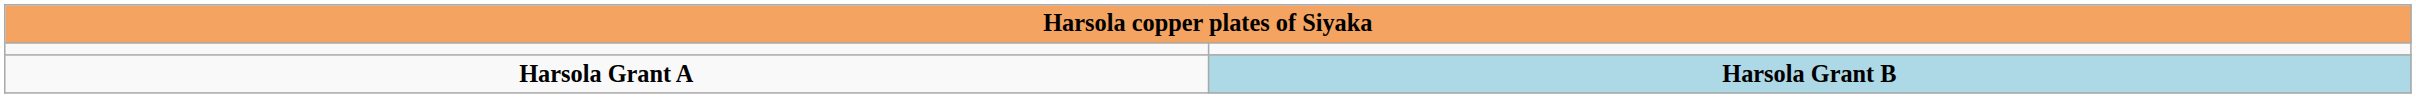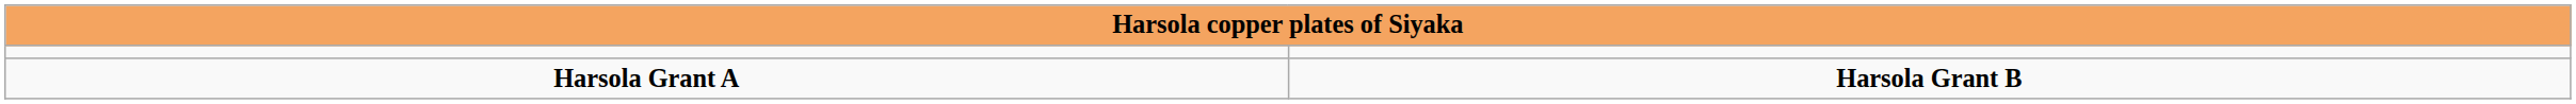 <table class="wikitable" style="font-size: 100%; width: 100%;" align="center" cellpadding="3">
 <tr>
 <td colspan="2" align="center" style="background:#F4A460; font-size: 100%;"><strong>Harsola copper plates of Siyaka</strong></td>
 </tr>
 <tr>
 <td align="center"></td>
 <td align="center"></td>
 </tr>
 <tr>
 <td align="center"><strong>Harsola Grant A</strong></td>
-<td align="center" style="background: lightblue;"><strong>Harsola Grant B</strong></td>
+<td align="center"><strong>Harsola Grant B</strong></td>
 </tr>
 </table>
